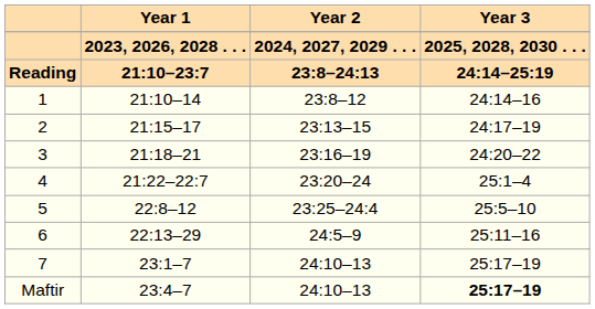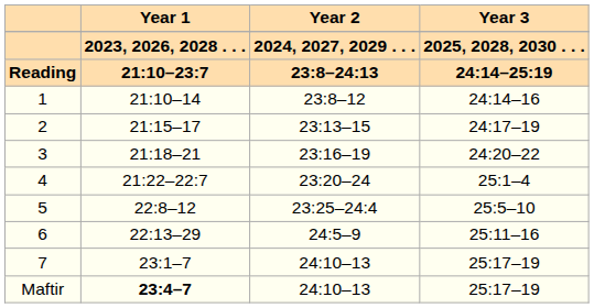 <table class="wikitable" style="background:Ivory; text-align:center">
 <tr>
 <th style="background:Navajowhite;"></th>
 <th style="background:Navajowhite;">Year 1</th>
 <th style="background:Navajowhite;">Year 2</th>
 <th style="background:Navajowhite;">Year 3</th>
 </tr>
 <tr>
 </tr>
 <tr>
 <th style="background:Navajowhite;"></th>
 <th style="background:Navajowhite;">2023, 2026, 2028 . . .</th>
 <th style="background:Navajowhite;">2024, 2027, 2029 . . .</th>
 <th style="background:Navajowhite;">2025, 2028, 2030 . . .</th>
 </tr>
 <tr>
 <th style="background:Navajowhite;">Reading</th>
 <th style="background:Navajowhite;">21:10–23:7</th>
 <th style="background:Navajowhite;">23:8–24:13</th>
 <th style="background:Navajowhite;">24:14–25:19</th>
 </tr>
 <tr>
 <td>1</td>
 <td>21:10–14</td>
 <td>23:8–12</td>
 <td>24:14–16</td>
 </tr>
 <tr>
 <td>2</td>
 <td>21:15–17</td>
 <td>23:13–15</td>
 <td>24:17–19</td>
 </tr>
 <tr>
 <td>3</td>
 <td>21:18–21</td>
 <td>23:16–19</td>
 <td>24:20–22</td>
 </tr>
 <tr>
 <td>4</td>
 <td>21:22–22:7</td>
 <td>23:20–24</td>
 <td>25:1–4</td>
 </tr>
 <tr>
 <td>5</td>
 <td>22:8–12</td>
 <td>23:25–24:4</td>
 <td>25:5–10</td>
 </tr>
 <tr>
 <td>6</td>
 <td>22:13–29</td>
 <td>24:5–9</td>
 <td>25:11–16</td>
 </tr>
 <tr>
 <td>7</td>
 <td>23:1–7</td>
 <td>24:10–13</td>
 <td>25:17–19</td>
 </tr>
 <tr>
 <td>Maftir</td>
-<td>23:4–7</td>
+<td><strong>23:4–7</strong></td>
 <td>24:10–13</td>
-<td><strong>25:17–19</strong></td>
+<td>25:17–19</td>
 </tr>
 </table>
